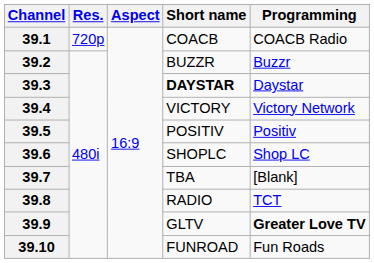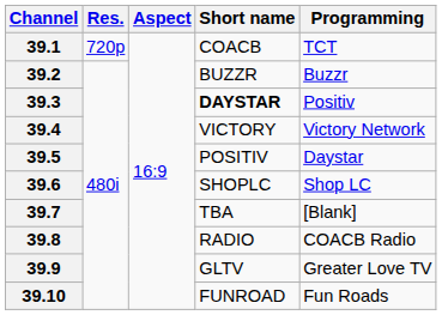 <table class="wikitable">
 <tr>
 <th><a href='#'>Channel</a></th>
 <th><a href='#'>Res.</a></th>
 <th><a href='#'>Aspect</a></th>
 <th>Short name</th>
 <th>Programming</th>
 </tr>
 <tr>
 <th scope = "row">39.1</th>
 <td><a href='#'>720p</a></td>
 <td rowspan=10><a href='#'>16:9</a></td>
 <td>COACB</td>
-<td>COACB Radio</td>
+<td><a href='#'>TCT</a></td>
 </tr>
 <tr>
 <th scope = "row">39.2</th>
 <td rowspan=9><a href='#'>480i</a></td>
 <td>BUZZR</td>
 <td><a href='#'>Buzzr</a></td>
 </tr>
 <tr>
 <th scope = "row">39.3</th>
 <td><strong>DAYSTAR</strong></td>
-<td><a href='#'>Daystar</a></td>
+<td><a href='#'>Positiv</a></td>
 </tr>
 <tr>
 <th scope = "row">39.4</th>
 <td>VICTORY</td>
 <td><a href='#'>Victory Network</a></td>
 </tr>
 <tr>
 <th scope = "row">39.5</th>
 <td>POSITIV</td>
-<td><a href='#'>Positiv</a></td>
+<td><a href='#'>Daystar</a></td>
 </tr>
 <tr>
 <th scope = "row">39.6</th>
 <td>SHOPLC</td>
 <td><a href='#'>Shop LC</a></td>
 </tr>
 <tr>
 <th scope = "row">39.7</th>
 <td>TBA</td>
 <td>[Blank]</td>
 </tr>
 <tr>
 <th scope = "row">39.8</th>
 <td>RADIO</td>
-<td><a href='#'>TCT</a></td>
+<td>COACB Radio</td>
 </tr>
 <tr>
 <th scope = "row">39.9</th>
 <td>GLTV</td>
-<td><strong>Greater Love TV</strong></td>
+<td>Greater Love TV</td>
 </tr>
 <tr>
 <th scope = "row">39.10</th>
 <td>FUNROAD</td>
 <td>Fun Roads</td>
 </tr>
 </table>
